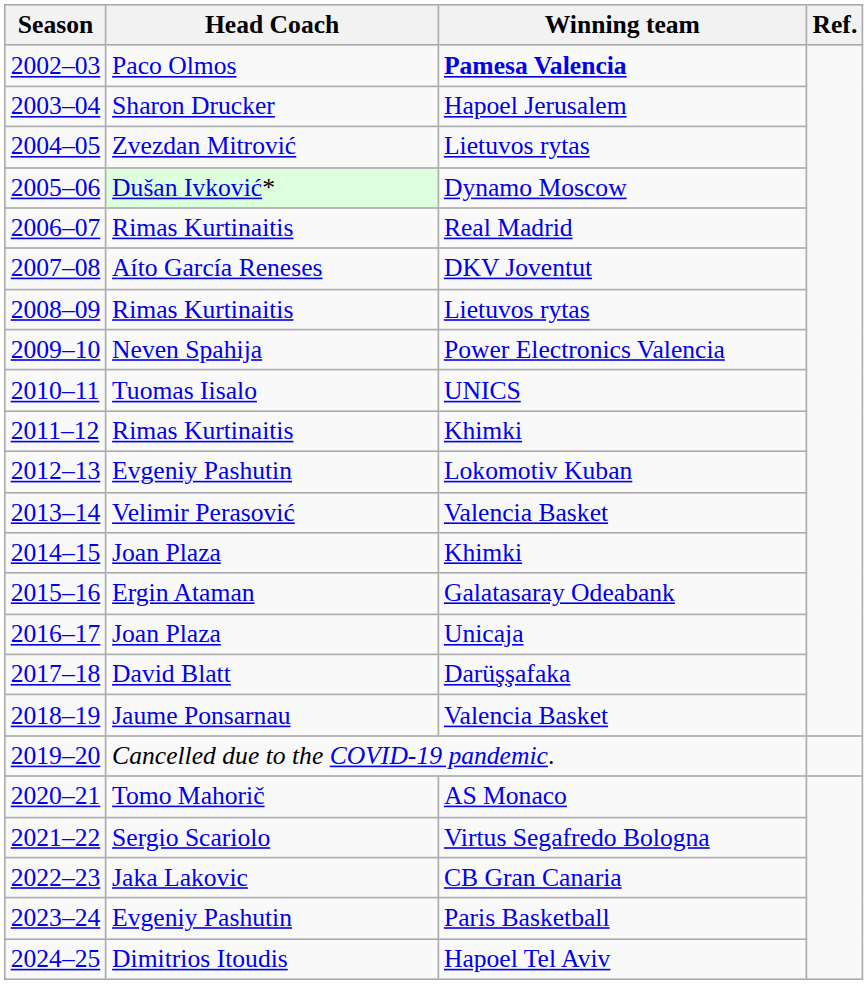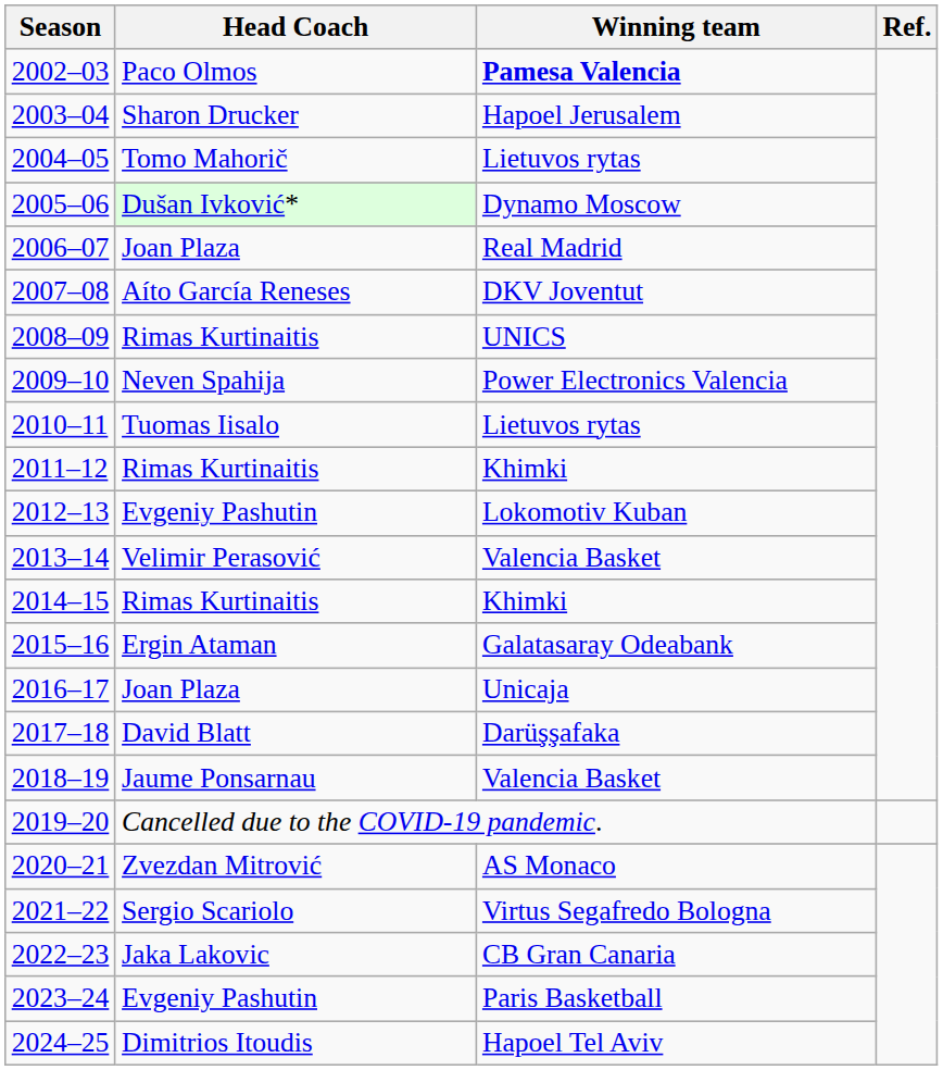 <table class="wikitable">
 <tr>
 <th>Season</th>
 <th style="width:200px">Head Coach</th>
 <th style="width:223px">Winning team</th>
 <th>Ref.</th>
 </tr>
 <tr>
 <td><a href='#'>2002–03</a></td>
 <td> <a href='#'>Paco Olmos</a></td>
 <td><strong> <a href='#'>Pamesa Valencia</a></strong></td>
 <td rowspan="17" style="text-align: center;"></td>
 </tr>
 <tr>
 <td><a href='#'>2003–04</a></td>
 <td> <a href='#'>Sharon Drucker</a></td>
 <td> <a href='#'>Hapoel Jerusalem</a></td>
 </tr>
 <tr>
 <td><a href='#'>2004–05</a></td>
-<td> <a href='#'>Zvezdan Mitrović</a></td>
+<td> <a href='#'>Tomo Mahorič</a></td>
 <td> <a href='#'>Lietuvos rytas</a></td>
 </tr>
 <tr>
 <td><a href='#'>2005–06</a></td>
 <td bgcolor="#ddffdd"> <a href='#'>Dušan Ivković</a>*</td>
 <td> <a href='#'>Dynamo Moscow</a></td>
 </tr>
 <tr>
 <td><a href='#'>2006–07</a></td>
-<td> <a href='#'>Rimas Kurtinaitis</a></td>
+<td> <a href='#'>Joan Plaza</a></td>
 <td> <a href='#'>Real Madrid</a></td>
 </tr>
 <tr>
 <td><a href='#'>2007–08</a></td>
 <td> <a href='#'>Aíto García Reneses</a></td>
 <td> <a href='#'>DKV Joventut</a></td>
 </tr>
 <tr>
 <td><a href='#'>2008–09</a></td>
 <td> <a href='#'>Rimas Kurtinaitis</a></td>
-<td> <a href='#'>Lietuvos rytas</a></td>
+<td> <a href='#'>UNICS</a></td>
 </tr>
 <tr>
 <td><a href='#'>2009–10</a></td>
 <td> <a href='#'>Neven Spahija</a></td>
 <td> <a href='#'>Power Electronics Valencia</a></td>
 </tr>
 <tr>
 <td><a href='#'>2010–11</a></td>
 <td> <a href='#'>Tuomas Iisalo</a></td>
-<td> <a href='#'>UNICS</a></td>
+<td> <a href='#'>Lietuvos rytas</a></td>
 </tr>
 <tr>
 <td><a href='#'>2011–12</a></td>
 <td> <a href='#'>Rimas Kurtinaitis</a></td>
 <td> <a href='#'>Khimki</a></td>
 </tr>
 <tr>
 <td><a href='#'>2012–13</a></td>
 <td> <a href='#'>Evgeniy Pashutin</a></td>
 <td> <a href='#'>Lokomotiv Kuban</a></td>
 </tr>
 <tr>
 <td><a href='#'>2013–14</a></td>
 <td> <a href='#'>Velimir Perasović</a></td>
 <td> <a href='#'>Valencia Basket</a></td>
 </tr>
 <tr>
 <td><a href='#'>2014–15</a></td>
-<td> <a href='#'>Joan Plaza</a></td>
+<td> <a href='#'>Rimas Kurtinaitis</a></td>
 <td> <a href='#'>Khimki</a></td>
 </tr>
 <tr>
 <td><a href='#'>2015–16</a></td>
 <td> <a href='#'>Ergin Ataman</a></td>
 <td> <a href='#'>Galatasaray Odeabank</a></td>
 </tr>
 <tr>
 <td><a href='#'>2016–17</a></td>
 <td> <a href='#'>Joan Plaza</a></td>
 <td> <a href='#'>Unicaja</a></td>
 </tr>
 <tr>
 <td><a href='#'>2017–18</a></td>
 <td> <a href='#'>David Blatt</a></td>
 <td> <a href='#'>Darüşşafaka</a></td>
 </tr>
 <tr>
 <td><a href='#'>2018–19</a></td>
 <td> <a href='#'>Jaume Ponsarnau</a></td>
 <td> <a href='#'>Valencia Basket</a></td>
 </tr>
 <tr>
 <td><a href='#'>2019–20</a></td>
 <td colspan=2><em>Cancelled due to the <a href='#'>COVID-19 pandemic</a></em>.</td>
 <td></td>
 </tr>
 <tr>
 <td><a href='#'>2020–21</a></td>
-<td> <a href='#'>Tomo Mahorič</a></td>
+<td> <a href='#'>Zvezdan Mitrović</a></td>
 <td> <a href='#'>AS Monaco</a></td>
 <td rowspan="5" style="text-align: center;"></td>
 </tr>
 <tr>
 <td><a href='#'>2021–22</a></td>
 <td> <a href='#'>Sergio Scariolo</a></td>
 <td> <a href='#'>Virtus Segafredo Bologna</a></td>
 </tr>
 <tr>
 <td><a href='#'>2022–23</a></td>
 <td> <a href='#'>Jaka Lakovic</a></td>
 <td> <a href='#'>CB Gran Canaria</a></td>
 </tr>
 <tr>
 <td><a href='#'>2023–24</a></td>
 <td> <a href='#'>Evgeniy Pashutin</a></td>
 <td> <a href='#'>Paris Basketball</a></td>
 </tr>
 <tr>
 <td><a href='#'>2024–25</a></td>
 <td> <a href='#'>Dimitrios Itoudis</a></td>
 <td> <a href='#'>Hapoel Tel Aviv</a></td>
 </tr>
 </table>
